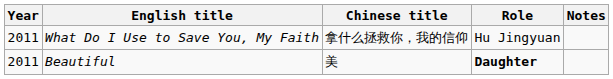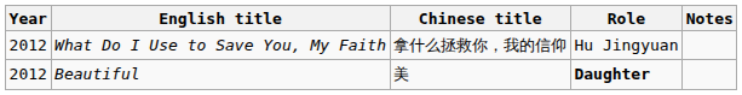 <table class="wikitable">
 <tr>
 <th width=10>Year</th>
 <th>English title</th>
 <th>Chinese title</th>
 <th>Role</th>
 <th>Notes</th>
 </tr>
 <tr>
-<td>2011</td>
+<td>2012</td>
 <td><em>What Do I Use to Save You, My Faith</em></td>
 <td>拿什么拯救你，我的信仰</td>
 <td>Hu Jingyuan</td>
 <td></td>
 </tr>
 <tr>
-<td>2011</td>
+<td>2012</td>
 <td><em>Beautiful</em></td>
 <td>美</td>
 <td><strong>Daughter</strong></td>
 <td></td>
 </tr>
 </table>
